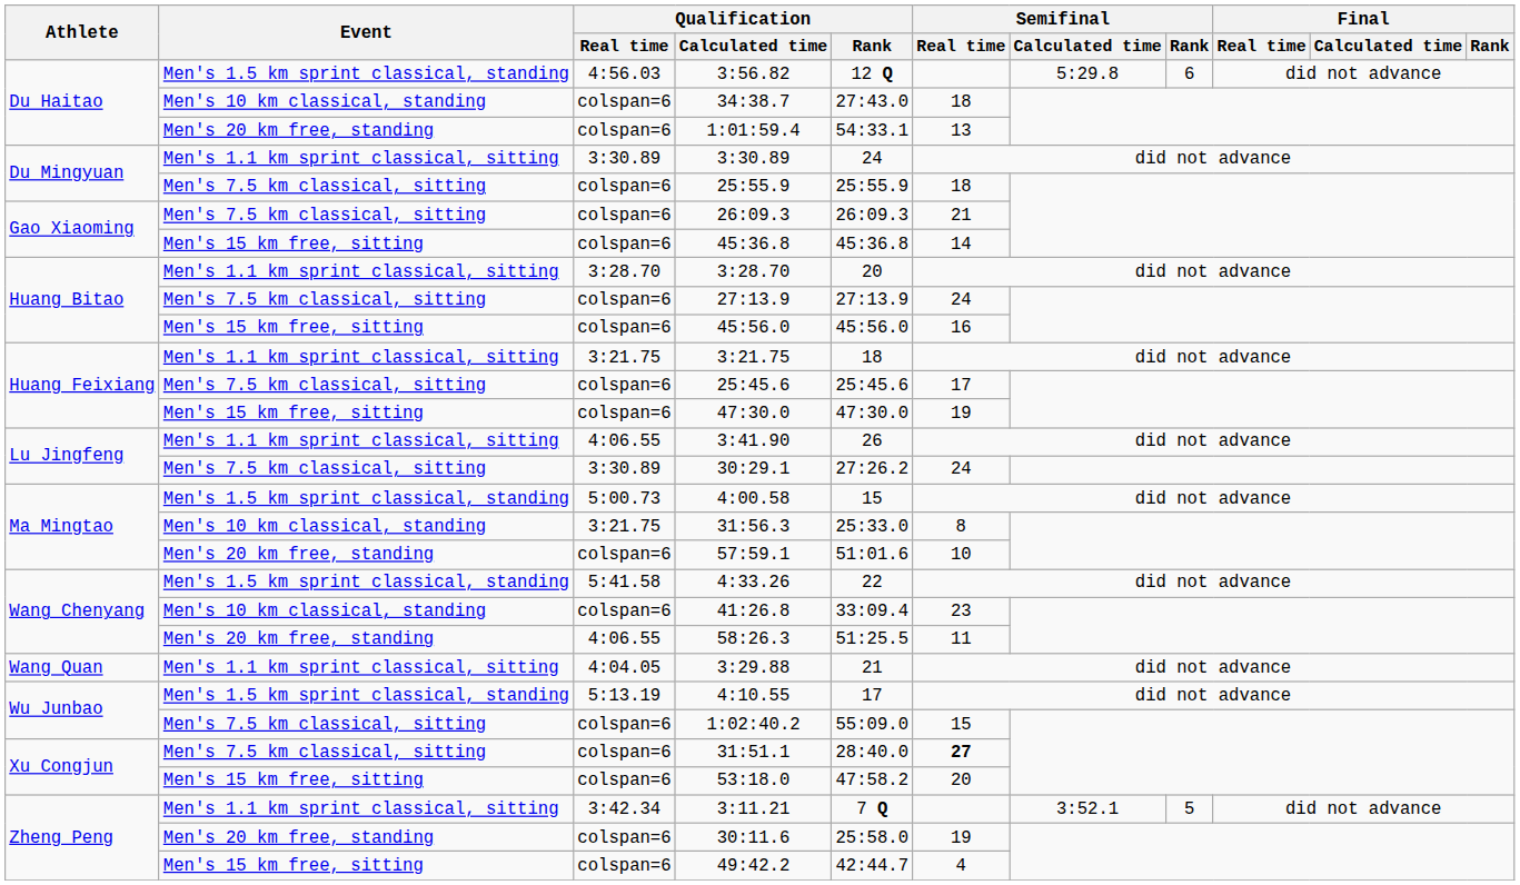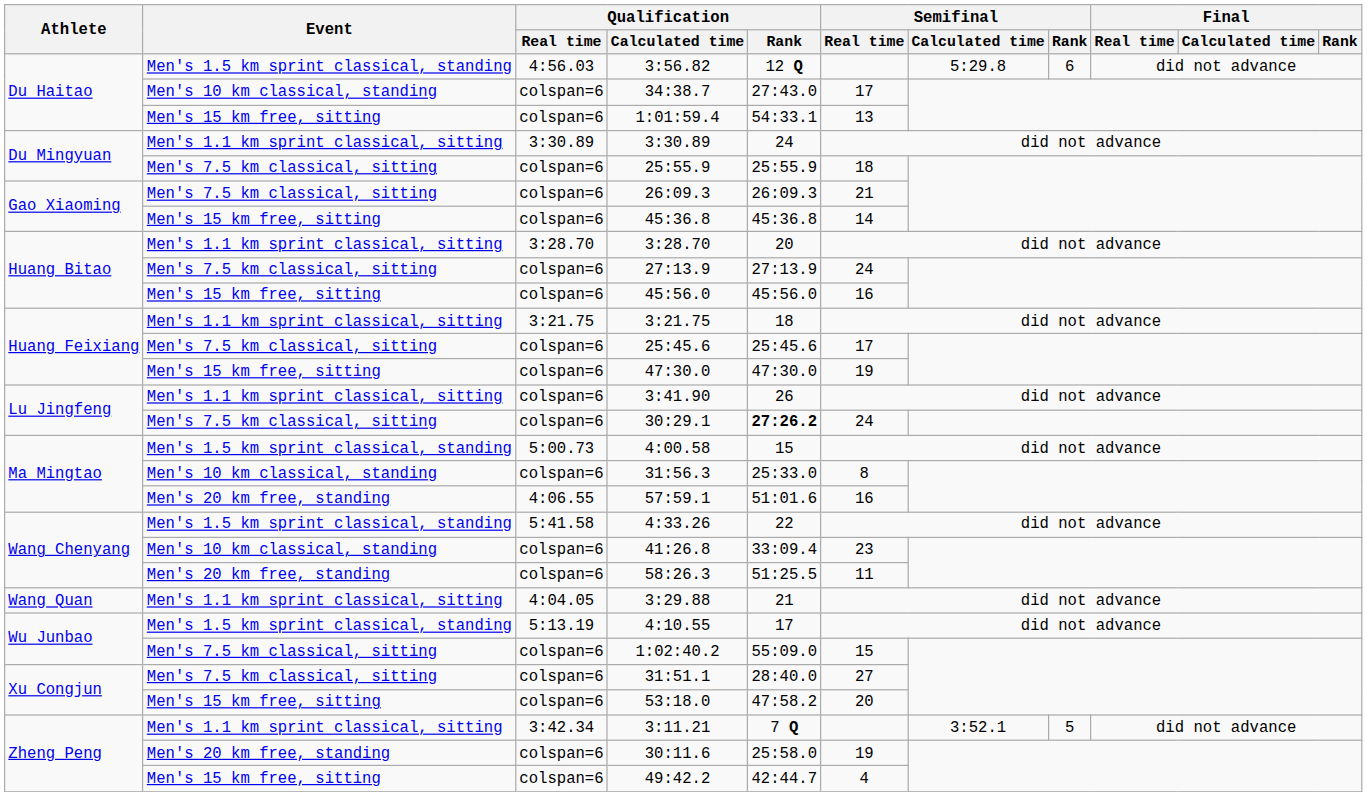 <table class="wikitable" style="font-size:100%">
 <tr>
 <th rowspan="2">Athlete</th>
 <th rowspan="2">Event</th>
 <th colspan=3>Qualification</th>
 <th colspan=3>Semifinal</th>
 <th colspan=3>Final</th>
 </tr>
 <tr style="font-size:95%">
 <th>Real time</th>
 <th>Calculated time</th>
 <th>Rank</th>
 <th>Real time</th>
 <th>Calculated time</th>
 <th>Rank</th>
 <th>Real time</th>
 <th>Calculated time</th>
 <th>Rank</th>
 </tr>
 <tr align=center>
 <td align=left rowspan=3><a href='#'>Du Haitao</a></td>
 <td align=left><a href='#'>Men's 1.5 km sprint classical, standing</a></td>
 <td>4:56.03</td>
 <td>3:56.82</td>
 <td>12 <strong>Q</strong></td>
 <td></td>
 <td>5:29.8</td>
 <td>6</td>
 <td colspan=3>did not advance</td>
 </tr>
 <tr align=center>
 <td align=left><a href='#'>Men's 10 km classical, standing</a></td>
 <td>colspan=6 </td>
 <td>34:38.7</td>
 <td>27:43.0</td>
-<td>18</td>
+<td>17</td>
 </tr>
 <tr align=center>
-<td align=left><a href='#'>Men's 20 km free, standing</a></td>
+<td align=left><a href='#'>Men's 15 km free, sitting</a></td>
 <td>colspan=6 </td>
 <td>1:01:59.4</td>
 <td>54:33.1</td>
 <td>13</td>
 </tr>
 <tr align=center>
 <td align=left rowspan=2><a href='#'>Du Mingyuan</a></td>
 <td align=left><a href='#'>Men's 1.1 km sprint classical, sitting</a></td>
 <td>3:30.89</td>
 <td>3:30.89</td>
 <td>24</td>
 <td colspan=6>did not advance</td>
 </tr>
 <tr align=center>
 <td align=left><a href='#'>Men's 7.5 km classical, sitting</a></td>
 <td>colspan=6 </td>
 <td>25:55.9</td>
 <td>25:55.9</td>
 <td>18</td>
 </tr>
 <tr align=center>
 <td align=left rowspan=2><a href='#'>Gao Xiaoming</a></td>
 <td align=left><a href='#'>Men's 7.5 km classical, sitting</a></td>
 <td>colspan=6 </td>
 <td>26:09.3</td>
 <td>26:09.3</td>
 <td>21</td>
 </tr>
 <tr align=center>
 <td align=left><a href='#'>Men's 15 km free, sitting</a></td>
 <td>colspan=6 </td>
 <td>45:36.8</td>
 <td>45:36.8</td>
 <td>14</td>
 </tr>
 <tr align=center>
 <td align=left rowspan=3><a href='#'>Huang Bitao</a></td>
 <td align=left><a href='#'>Men's 1.1 km sprint classical, sitting</a></td>
 <td>3:28.70</td>
 <td>3:28.70</td>
 <td>20</td>
 <td colspan=6>did not advance</td>
 </tr>
 <tr align=center>
 <td align=left><a href='#'>Men's 7.5 km classical, sitting</a></td>
 <td>colspan=6 </td>
 <td>27:13.9</td>
 <td>27:13.9</td>
 <td>24</td>
 </tr>
 <tr align=center>
 <td align=left><a href='#'>Men's 15 km free, sitting</a></td>
 <td>colspan=6 </td>
 <td>45:56.0</td>
 <td>45:56.0</td>
 <td>16</td>
 </tr>
 <tr align=center>
 <td align=left rowspan=3><a href='#'>Huang Feixiang</a></td>
 <td align=left><a href='#'>Men's 1.1 km sprint classical, sitting</a></td>
 <td>3:21.75</td>
 <td>3:21.75</td>
 <td>18</td>
 <td colspan=6>did not advance</td>
 </tr>
 <tr align=center>
 <td align=left><a href='#'>Men's 7.5 km classical, sitting</a></td>
 <td>colspan=6 </td>
 <td>25:45.6</td>
 <td>25:45.6</td>
 <td>17</td>
 </tr>
 <tr align=center>
 <td align=left><a href='#'>Men's 15 km free, sitting</a></td>
 <td>colspan=6 </td>
 <td>47:30.0</td>
 <td>47:30.0</td>
 <td>19</td>
 </tr>
 <tr align=center>
 <td align=left rowspan=2><a href='#'>Lu Jingfeng</a></td>
 <td align=left><a href='#'>Men's 1.1 km sprint classical, sitting</a></td>
-<td>4:06.55</td>
+<td>colspan=6 </td>
 <td>3:41.90</td>
 <td>26</td>
 <td colspan=6>did not advance</td>
 </tr>
 <tr align=center>
 <td align=left><a href='#'>Men's 7.5 km classical, sitting</a></td>
-<td>3:30.89</td>
+<td>colspan=6 </td>
 <td>30:29.1</td>
-<td>27:26.2</td>
+<td><strong>27:26.2</strong></td>
 <td>24</td>
 </tr>
 <tr align=center>
 <td align=left rowspan=3><a href='#'>Ma Mingtao</a></td>
 <td align=left><a href='#'>Men's 1.5 km sprint classical, standing</a></td>
 <td>5:00.73</td>
 <td>4:00.58</td>
 <td>15</td>
 <td colspan=6>did not advance</td>
 </tr>
 <tr align=center>
 <td align=left><a href='#'>Men's 10 km classical, standing</a></td>
-<td>3:21.75</td>
+<td>colspan=6 </td>
 <td>31:56.3</td>
 <td>25:33.0</td>
 <td>8</td>
 </tr>
 <tr align=center>
 <td align=left><a href='#'>Men's 20 km free, standing</a></td>
-<td>colspan=6 </td>
+<td>4:06.55</td>
 <td>57:59.1</td>
 <td>51:01.6</td>
-<td>10</td>
+<td>16</td>
 </tr>
 <tr align=center>
 <td align=left rowspan=3><a href='#'>Wang Chenyang</a></td>
 <td align=left><a href='#'>Men's 1.5 km sprint classical, standing</a></td>
 <td>5:41.58</td>
 <td>4:33.26</td>
 <td>22</td>
 <td colspan=6>did not advance</td>
 </tr>
 <tr align=center>
 <td align=left><a href='#'>Men's 10 km classical, standing</a></td>
 <td>colspan=6 </td>
 <td>41:26.8</td>
 <td>33:09.4</td>
 <td>23</td>
 </tr>
 <tr align=center>
 <td align=left><a href='#'>Men's 20 km free, standing</a></td>
-<td>4:06.55</td>
+<td>colspan=6 </td>
 <td>58:26.3</td>
 <td>51:25.5</td>
 <td>11</td>
 </tr>
 <tr align=center>
 <td align=left><a href='#'>Wang Quan</a></td>
 <td align=left><a href='#'>Men's 1.1 km sprint classical, sitting</a></td>
 <td>4:04.05</td>
 <td>3:29.88</td>
 <td>21</td>
 <td colspan=6>did not advance</td>
 </tr>
 <tr align=center>
 <td align=left rowspan=2><a href='#'>Wu Junbao</a></td>
 <td align=left><a href='#'>Men's 1.5 km sprint classical, standing</a></td>
 <td>5:13.19</td>
 <td>4:10.55</td>
 <td>17</td>
 <td colspan=6>did not advance</td>
 </tr>
 <tr align=center>
 <td align=left><a href='#'>Men's 7.5 km classical, sitting</a></td>
 <td>colspan=6 </td>
 <td>1:02:40.2</td>
 <td>55:09.0</td>
 <td>15</td>
 </tr>
 <tr align=center>
 <td align=left rowspan=2><a href='#'>Xu Congjun</a></td>
 <td align=left><a href='#'>Men's 7.5 km classical, sitting</a></td>
 <td>colspan=6 </td>
 <td>31:51.1</td>
 <td>28:40.0</td>
-<td><strong>27</strong></td>
+<td>27</td>
 </tr>
 <tr align=center>
 <td align=left><a href='#'>Men's 15 km free, sitting</a></td>
 <td>colspan=6 </td>
 <td>53:18.0</td>
 <td>47:58.2</td>
 <td>20</td>
 </tr>
 <tr align=center>
 <td align=left rowspan=3><a href='#'>Zheng Peng</a></td>
 <td align=left><a href='#'>Men's 1.1 km sprint classical, sitting</a></td>
 <td>3:42.34</td>
 <td>3:11.21</td>
 <td>7 <strong>Q</strong></td>
 <td></td>
 <td>3:52.1</td>
 <td>5</td>
 <td colspan=3>did not advance</td>
 </tr>
 <tr align=center>
 <td align=left><a href='#'>Men's 20 km free, standing</a></td>
 <td>colspan=6 </td>
 <td>30:11.6</td>
 <td>25:58.0</td>
 <td>19</td>
 </tr>
 <tr align=center>
 <td align=left><a href='#'>Men's 15 km free, sitting</a></td>
 <td>colspan=6 </td>
 <td>49:42.2</td>
 <td>42:44.7</td>
 <td>4</td>
 </tr>
 </table>
